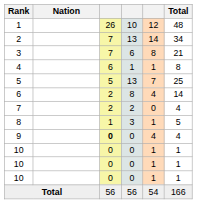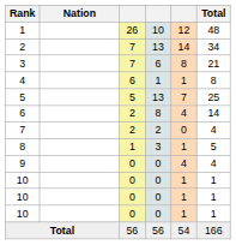 <table class=wikitable width=35% cellspacing="1" cellpadding="3" style="border:1px solid #AAAAAA;font-size:90%">
 <tr bgcolor="#EFEFEF">
 <th width=50>Rank</th>
 <th width=200>Nation</th>
 <th width=50></th>
 <th width=50></th>
 <th width=50></th>
 <th width=50>Total</th>
 </tr>
 <tr align="center" valign="top" bgcolor="#FFFFFF">
 <td rowspan="1" valign="center">1</td>
 <td align="left"></td>
 <td style="background:#F7F6A8;">26</td>
 <td style="background:#DCE5E5;">10</td>
 <td style="background:#FFDAB9;">12</td>
 <td>48</td>
 </tr>
 <tr align="center" valign="top" bgcolor="#FFFFFF">
 <td rowspan="1" valign="center">2</td>
 <td align="left"></td>
 <td style="background:#F7F6A8;">7</td>
 <td style="background:#DCE5E5;">13</td>
 <td style="background:#FFDAB9;">14</td>
 <td>34</td>
 </tr>
 <tr align="center" valign="top" bgcolor="#FFFFFF">
 <td rowspan="1" valign="center">3</td>
 <td align="left"></td>
 <td style="background:#F7F6A8;">7</td>
 <td style="background:#DCE5E5;">6</td>
 <td style="background:#FFDAB9;">8</td>
 <td>21</td>
 </tr>
 <tr align="center" valign="top" bgcolor="#FFFFFF">
 <td rowspan="1" valign="center">4</td>
 <td align="left"></td>
 <td style="background:#F7F6A8;">6</td>
 <td style="background:#DCE5E5;">1</td>
 <td style="background:#FFDAB9;">1</td>
 <td>8</td>
 </tr>
 <tr align="center" valign="top" bgcolor="#FFFFFF">
 <td rowspan="1" valign="center">5</td>
 <td align="left"></td>
 <td style="background:#F7F6A8;">5</td>
 <td style="background:#DCE5E5;">13</td>
 <td style="background:#FFDAB9;">7</td>
 <td>25</td>
 </tr>
 <tr align="center" valign="top" bgcolor="#FFFFFF">
 <td rowspan="1" valign="center">6</td>
 <td align="left"></td>
 <td style="background:#F7F6A8;">2</td>
 <td style="background:#DCE5E5;">8</td>
 <td style="background:#FFDAB9;">4</td>
 <td>14</td>
 </tr>
 <tr align="center" valign="top" bgcolor="#FFFFFF">
 <td rowspan="1" valign="center">7</td>
 <td align="left"></td>
 <td style="background:#F7F6A8;">2</td>
 <td style="background:#DCE5E5;">2</td>
 <td style="background:#FFDAB9;">0</td>
 <td>4</td>
 </tr>
 <tr align="center" valign="top" bgcolor="#FFFFFF">
 <td rowspan="1" valign="center">8</td>
 <td align="left"></td>
 <td style="background:#F7F6A8;">1</td>
 <td style="background:#DCE5E5;">3</td>
 <td style="background:#FFDAB9;">1</td>
 <td>5</td>
 </tr>
 <tr align="center" valign="top" bgcolor="#FFFFFF">
 <td rowspan="1" valign="center">9</td>
 <td align="left"></td>
-<td style="background:#F7F6A8;"><strong>0</strong></td>
+<td style="background:#F7F6A8;">0</td>
 <td style="background:#DCE5E5;">0</td>
 <td style="background:#FFDAB9;">4</td>
 <td>4</td>
 </tr>
 <tr align="center" valign="top" bgcolor="#FFFFFF">
 <td rowspan="1" valign="center">10</td>
 <td align="left"></td>
 <td style="background:#F7F6A8;">0</td>
 <td style="background:#DCE5E5;">0</td>
 <td style="background:#FFDAB9;">1</td>
 <td>1</td>
 </tr>
 <tr align="center" valign="top" bgcolor="#FFFFFF">
 <td rowspan="1" valign="center">10</td>
 <td align="left"></td>
 <td style="background:#F7F6A8;">0</td>
 <td style="background:#DCE5E5;">0</td>
 <td style="background:#FFDAB9;">1</td>
 <td>1</td>
 </tr>
 <tr align="center" valign="top" bgcolor="#FFFFFF">
 <td rowspan="1" valign="center">10</td>
 <td align="left"></td>
 <td style="background:#F7F6A8;">0</td>
 <td style="background:#DCE5E5;">0</td>
 <td style="background:#FFDAB9;">1</td>
 <td>1</td>
 </tr>
 <tr align="center" valign="top" bgcolor="#EFEFEF">
 <td colspan="2" rowspan="1" valign="center"><strong>Total</strong></td>
 <td>56</td>
 <td>56</td>
 <td>54</td>
 <td>166</td>
 </tr>
 </table>
